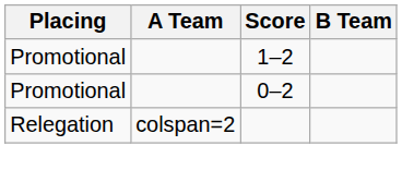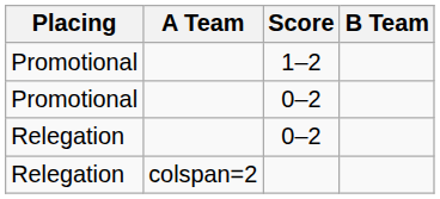 <table class=wikitable style="border:1px solid #AAAAAA;">
 <tr>
 <th>Placing</th>
 <th>A Team</th>
 <th>Score</th>
 <th>B Team</th>
 </tr>
 <tr>
 <td>Promotional</td>
 <td></td>
 <td align="center">1–2</td>
 <td><strong></strong></td>
 </tr>
 <tr>
 <td>Promotional</td>
 <td></td>
 <td align="center">0–2</td>
 <td><strong></strong></td>
 </tr>
 <tr>
 <td>Relegation</td>
+<td><em></em></td>
+<td align="center">0–2</td>
+<td><strong></strong></td>
+</tr>
+<tr>
+<td>Relegation</td>
 <td>colspan=2 </td>
 <td><em></em></td>
 </tr>
 </table>
